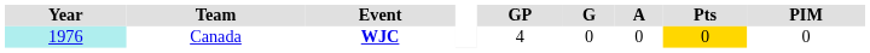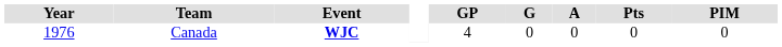 <table border="0" cellpadding="1" cellspacing="0" style="text-align:center; width:50em">
 <tr ALIGN="center" bgcolor="#e0e0e0">
 <th>Year</th>
 <th>Team</th>
 <th>Event</th>
 <th rowspan="99" bgcolor="#ffffff"> </th>
 <th>GP</th>
 <th>G</th>
 <th>A</th>
 <th>Pts</th>
 <th>PIM</th>
 </tr>
 <tr>
-<td style="background: paleturquoise;"><a href='#'>1976</a></td>
+<td><a href='#'>1976</a></td>
 <td><a href='#'>Canada</a></td>
 <td><strong><a href='#'>WJC</a></strong></td>
 <td>4</td>
 <td>0</td>
 <td>0</td>
-<td style="background: gold;">0</td>
+<td>0</td>
 <td>0</td>
 </tr>
 </table>
